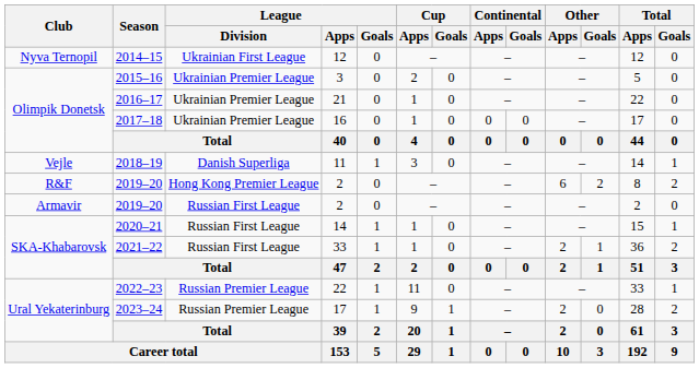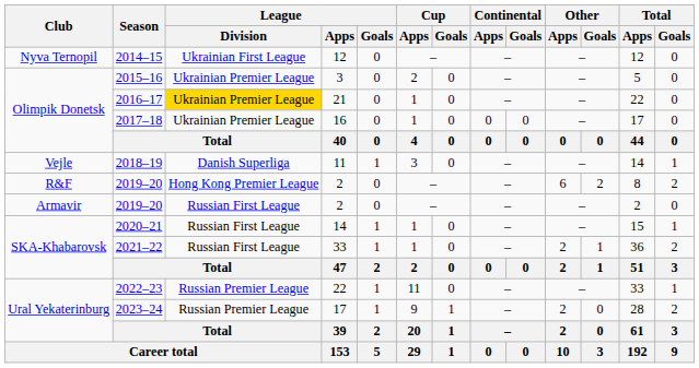 <table class="wikitable" style="text-align: center;">
 <tr>
 <th rowspan=2>Club</th>
 <th rowspan=2>Season</th>
 <th colspan=3>League</th>
 <th colspan=2>Cup</th>
 <th colspan=2>Continental</th>
 <th colspan=2>Other</th>
 <th colspan=2>Total</th>
 </tr>
 <tr>
 <th>Division</th>
 <th>Apps</th>
 <th>Goals</th>
 <th>Apps</th>
 <th>Goals</th>
 <th>Apps</th>
 <th>Goals</th>
 <th>Apps</th>
 <th>Goals</th>
 <th>Apps</th>
 <th>Goals</th>
 </tr>
 <tr>
 <td><a href='#'>Nyva Ternopil</a></td>
 <td><a href='#'>2014–15</a></td>
 <td><a href='#'>Ukrainian First League</a></td>
 <td>12</td>
 <td>0</td>
 <td colspan=2>–</td>
 <td colspan=2>–</td>
 <td colspan=2>–</td>
 <td>12</td>
 <td>0</td>
 </tr>
 <tr>
 <td rowspan="4"><a href='#'>Olimpik Donetsk</a></td>
 <td><a href='#'>2015–16</a></td>
 <td><a href='#'>Ukrainian Premier League</a></td>
 <td>3</td>
 <td>0</td>
 <td>2</td>
 <td>0</td>
 <td colspan=2>–</td>
 <td colspan=2>–</td>
 <td>5</td>
 <td>0</td>
 </tr>
 <tr>
 <td><a href='#'>2016–17</a></td>
-<td>Ukrainian Premier League</td>
+<td style="background: gold;">Ukrainian Premier League</td>
 <td>21</td>
 <td>0</td>
 <td>1</td>
 <td>0</td>
 <td colspan=2>–</td>
 <td colspan=2>–</td>
 <td>22</td>
 <td>0</td>
 </tr>
 <tr>
 <td><a href='#'>2017–18</a></td>
 <td>Ukrainian Premier League</td>
 <td>16</td>
 <td>0</td>
 <td>1</td>
 <td>0</td>
 <td>0</td>
 <td>0</td>
 <td colspan=2>–</td>
 <td>17</td>
 <td>0</td>
 </tr>
 <tr>
 <th colspan=2>Total</th>
 <th>40</th>
 <th>0</th>
 <th>4</th>
 <th>0</th>
 <th>0</th>
 <th>0</th>
 <th>0</th>
 <th>0</th>
 <th>44</th>
 <th>0</th>
 </tr>
 <tr>
 <td><a href='#'>Vejle</a></td>
 <td><a href='#'>2018–19</a></td>
 <td><a href='#'>Danish Superliga</a></td>
 <td>11</td>
 <td>1</td>
 <td>3</td>
 <td>0</td>
 <td colspan=2>–</td>
 <td colspan=2>–</td>
 <td>14</td>
 <td>1</td>
 </tr>
 <tr>
 <td><a href='#'>R&F</a></td>
 <td><a href='#'>2019–20</a></td>
 <td><a href='#'>Hong Kong Premier League</a></td>
 <td>2</td>
 <td>0</td>
 <td colspan=2>–</td>
 <td colspan=2>–</td>
 <td>6</td>
 <td>2</td>
 <td>8</td>
 <td>2</td>
 </tr>
 <tr>
 <td><a href='#'>Armavir</a></td>
 <td><a href='#'>2019–20</a></td>
 <td><a href='#'>Russian First League</a></td>
 <td>2</td>
 <td>0</td>
 <td colspan=2>–</td>
 <td colspan=2>–</td>
 <td colspan=2>–</td>
 <td>2</td>
 <td>0</td>
 </tr>
 <tr>
 <td rowspan="3"><a href='#'>SKA-Khabarovsk</a></td>
 <td><a href='#'>2020–21</a></td>
 <td>Russian First League</td>
 <td>14</td>
 <td>1</td>
 <td>1</td>
 <td>0</td>
 <td colspan=2>–</td>
 <td colspan=2>–</td>
 <td>15</td>
 <td>1</td>
 </tr>
 <tr>
 <td><a href='#'>2021–22</a></td>
 <td>Russian First League</td>
 <td>33</td>
 <td>1</td>
 <td>1</td>
 <td>0</td>
 <td colspan=2>–</td>
 <td>2</td>
 <td>1</td>
 <td>36</td>
 <td>2</td>
 </tr>
 <tr>
 <th colspan=2>Total</th>
 <th>47</th>
 <th>2</th>
 <th>2</th>
 <th>0</th>
 <th>0</th>
 <th>0</th>
 <th>2</th>
 <th>1</th>
 <th>51</th>
 <th>3</th>
 </tr>
 <tr>
 <td rowspan="3"><a href='#'>Ural Yekaterinburg</a></td>
 <td><a href='#'>2022–23</a></td>
 <td><a href='#'>Russian Premier League</a></td>
 <td>22</td>
 <td>1</td>
 <td>11</td>
 <td>0</td>
 <td colspan=2>–</td>
 <td colspan=2>–</td>
 <td>33</td>
 <td>1</td>
 </tr>
 <tr>
 <td><a href='#'>2023–24</a></td>
 <td>Russian Premier League</td>
 <td>17</td>
 <td>1</td>
 <td>9</td>
 <td>1</td>
 <td colspan=2>–</td>
 <td>2</td>
 <td>0</td>
 <td>28</td>
 <td>2</td>
 </tr>
 <tr>
 <th colspan=2>Total</th>
 <th>39</th>
 <th>2</th>
 <th>20</th>
 <th>1</th>
 <th colspan=2>–</th>
 <th>2</th>
 <th>0</th>
 <th>61</th>
 <th>3</th>
 </tr>
 <tr>
 <th colspan=3>Career total</th>
 <th>153</th>
 <th>5</th>
 <th>29</th>
 <th>1</th>
 <th>0</th>
 <th>0</th>
 <th>10</th>
 <th>3</th>
 <th>192</th>
 <th>9</th>
 </tr>
 </table>
